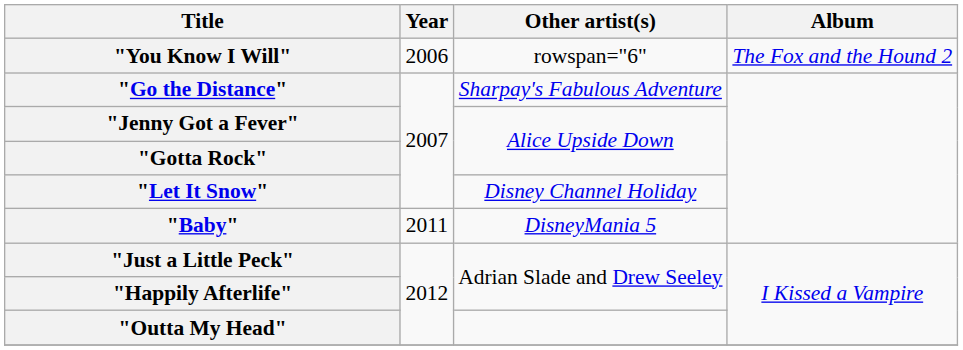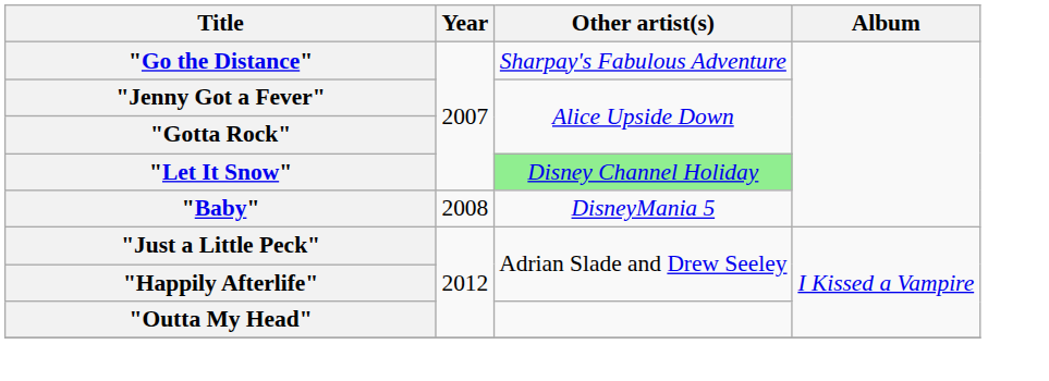 <table class="wikitable plainrowheaders" style="text-align:center;" border="1">
 <tr>
 <th scope="col" style="width:18em;">Title</th>
 <th scope="col">Year</th>
 <th scope="col">Other artist(s)</th>
 <th scope="col">Album</th>
-</tr>
-<tr>
-<th scope="row">"You Know I Will"</th>
-<td>2006</td>
-<td>rowspan="6" </td>
-<td><em><a href='#'>The Fox and the Hound 2</a></em></td>
 </tr>
 <tr>
 <th scope="row">"<a href='#'>Go the Distance</a>"</th>
 <td rowspan="4">2007</td>
 <td><em><a href='#'>Sharpay's Fabulous Adventure</a></em></td>
 </tr>
 <tr>
 <th scope="row">"Jenny Got a Fever"</th>
 <td rowspan="2"><em><a href='#'>Alice Upside Down</a></em></td>
 </tr>
 <tr>
 <th scope="row">"Gotta Rock"</th>
 </tr>
 <tr>
 <th scope="row">"<a href='#'>Let It Snow</a>"</th>
-<td><em><a href='#'>Disney Channel Holiday</a></em></td>
+<td style="background: lightgreen;"><em><a href='#'>Disney Channel Holiday</a></em></td>
 </tr>
 <tr>
 <th scope="row">"<a href='#'>Baby</a>"</th>
-<td>2011</td>
+<td>2008</td>
 <td><em><a href='#'>DisneyMania 5</a></em></td>
 </tr>
 <tr>
 <th scope="row">"Just a Little Peck"</th>
 <td rowspan="3">2012</td>
 <td rowspan="2">Adrian Slade and <a href='#'>Drew Seeley</a></td>
 <td rowspan="3"><em><a href='#'>I Kissed a Vampire</a></em></td>
 </tr>
 <tr>
 <th scope="row">"Happily Afterlife"</th>
 </tr>
 <tr>
 <th scope="row">"Outta My Head"</th>
 <td></td>
 </tr>
 <tr>
 </tr>
 </table>
